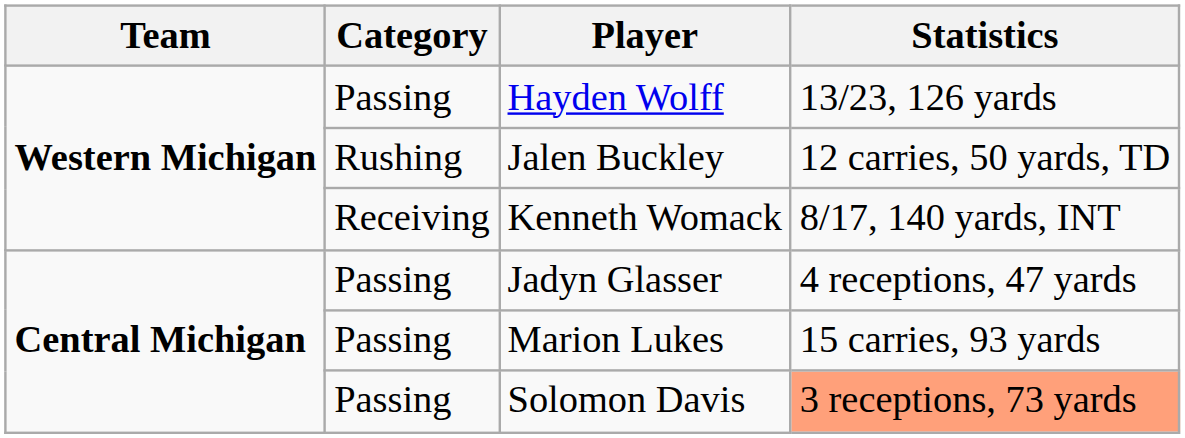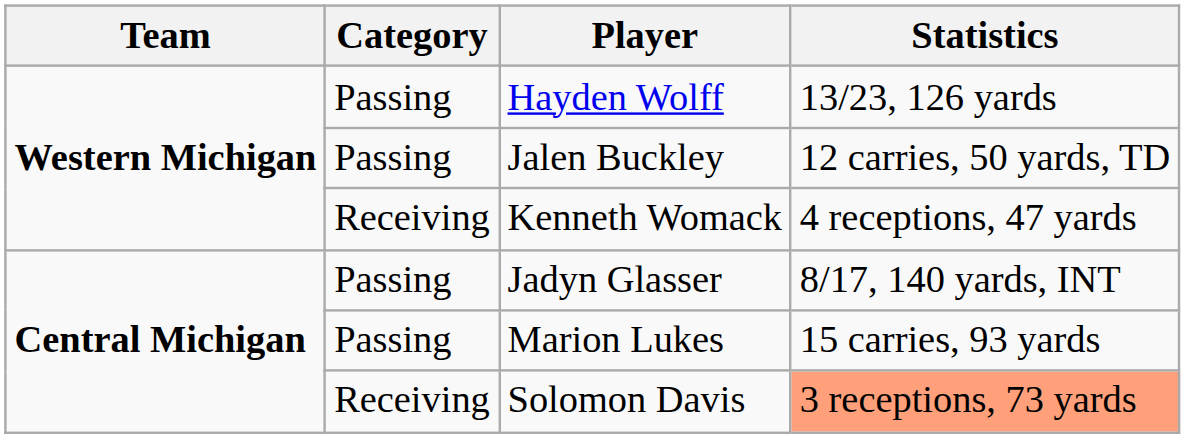 <table class="wikitable" style="float: right;">
 <tr>
 <th>Team</th>
 <th>Category</th>
 <th>Player</th>
 <th>Statistics</th>
 </tr>
 <tr>
 <td rowspan=3><strong>Western Michigan</strong></td>
 <td>Passing</td>
 <td><a href='#'>Hayden Wolff</a></td>
 <td>13/23, 126 yards</td>
 </tr>
 <tr>
-<td>Rushing</td>
+<td>Passing</td>
 <td>Jalen Buckley</td>
 <td>12 carries, 50 yards, TD</td>
 </tr>
 <tr>
 <td>Receiving</td>
 <td>Kenneth Womack</td>
-<td>8/17, 140 yards, INT</td>
+<td>4 receptions, 47 yards</td>
 </tr>
 <tr>
 <td rowspan=3><strong>Central Michigan</strong></td>
 <td>Passing</td>
 <td>Jadyn Glasser</td>
-<td>4 receptions, 47 yards</td>
+<td>8/17, 140 yards, INT</td>
 </tr>
 <tr>
 <td>Passing</td>
 <td>Marion Lukes</td>
 <td>15 carries, 93 yards</td>
 </tr>
 <tr>
-<td>Passing</td>
+<td>Receiving</td>
 <td>Solomon Davis</td>
 <td style="background: lightsalmon;">3 receptions, 73 yards</td>
 </tr>
 </table>
